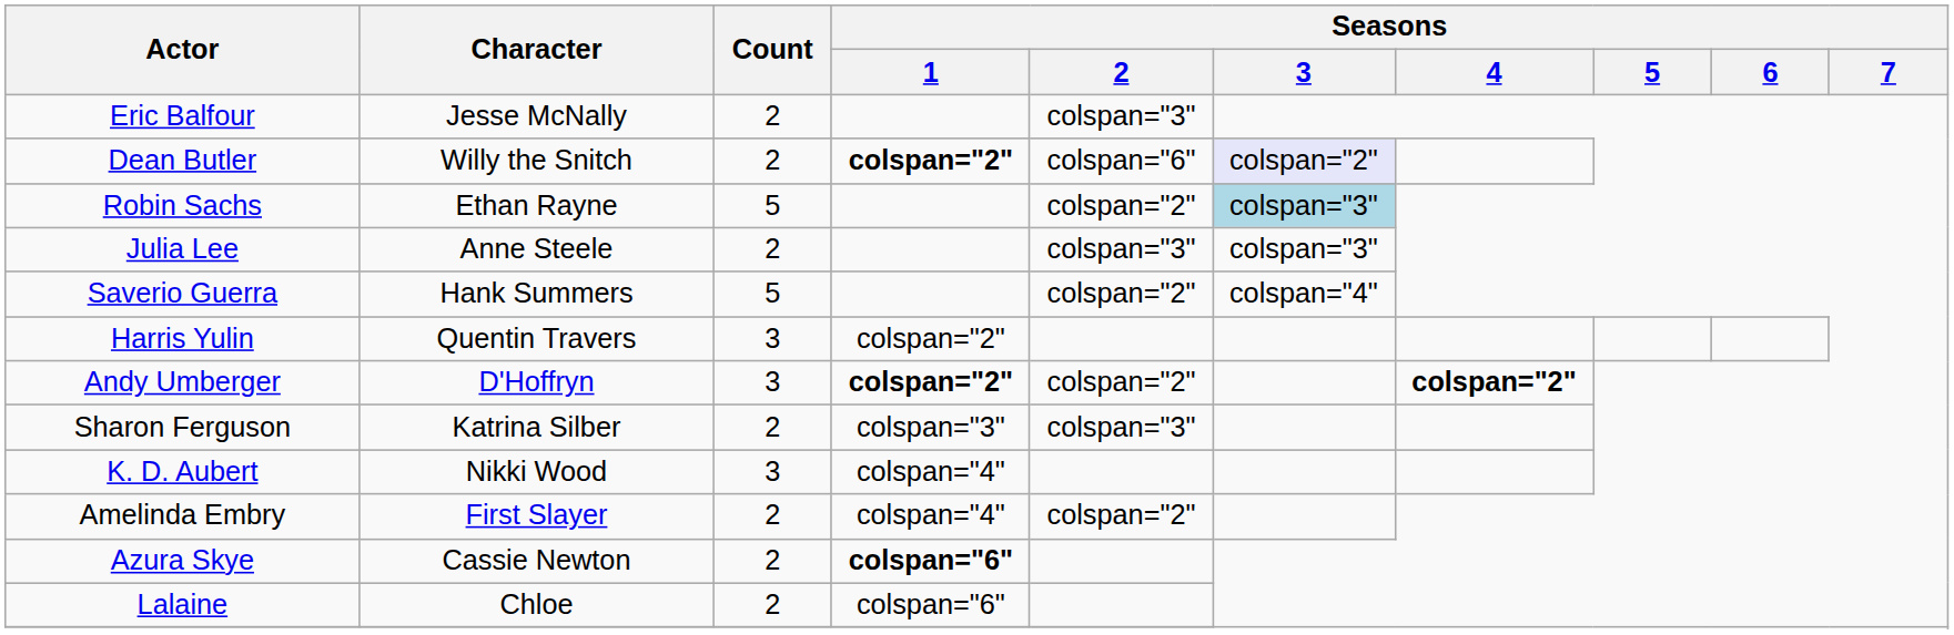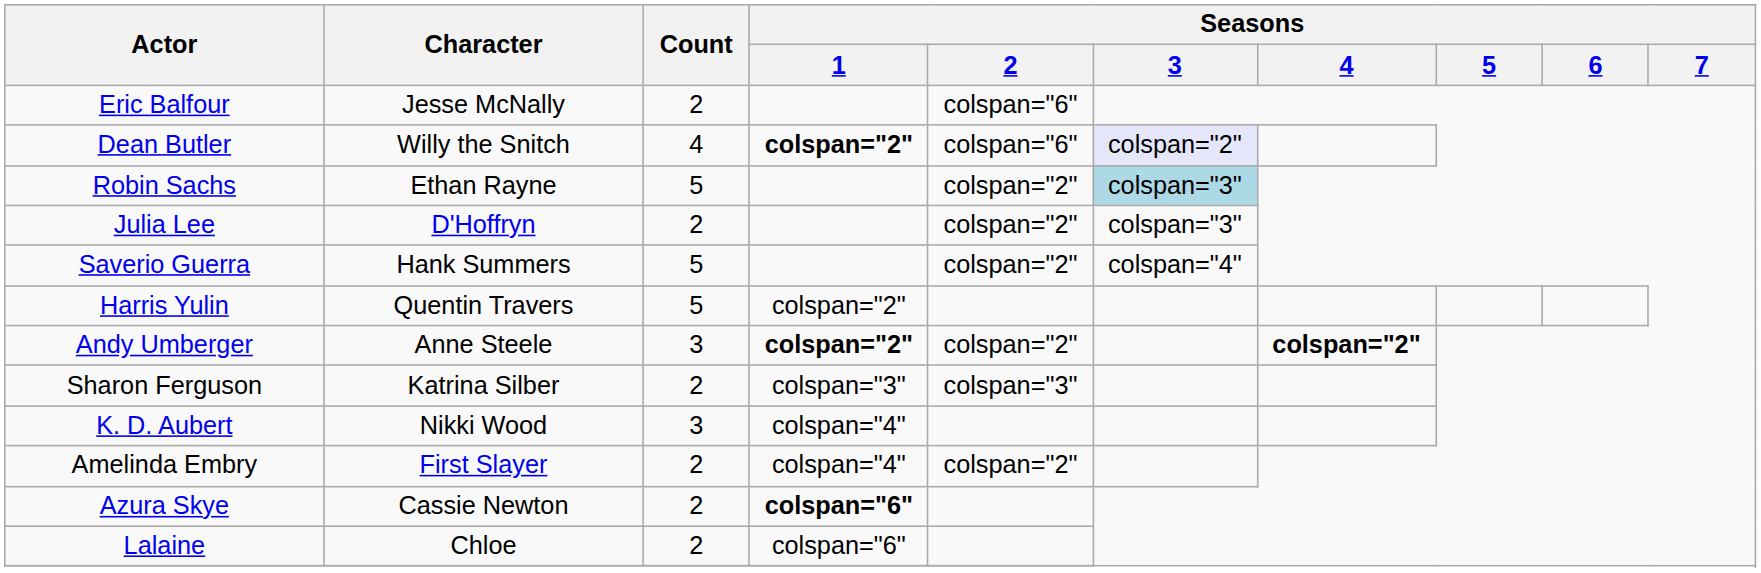 <table class="wikitable sortable" width="70%" style="text-align:center">
 <tr>
 <th scope="col" rowspan="2" style="width:15%;">Actor</th>
 <th scope="col" rowspan="2" style="width:15%;">Character</th>
 <th scope="col" rowspan="2" style="width:5%;">Count</th>
 <th scope="col" colspan="7">Seasons</th>
 </tr>
 <tr>
 <th style="width:5%;"><a href='#'>1</a></th>
 <th style="width:5%;"><a href='#'>2</a></th>
 <th style="width:5%;"><a href='#'>3</a></th>
 <th style="width:5%;"><a href='#'>4</a></th>
 <th style="width:5%;"><a href='#'>5</a></th>
 <th style="width:5%;"><a href='#'>6</a></th>
 <th style="width:5%;"><a href='#'>7</a></th>
 </tr>
 <tr>
 <td><a href='#'>Eric Balfour</a></td>
 <td>Jesse McNally</td>
 <td>2</td>
 <td></td>
-<td>colspan="3" </td>
+<td>colspan="6" </td>
 </tr>
 <tr>
 <td><a href='#'>Dean Butler</a></td>
 <td>Willy the Snitch</td>
-<td>2</td>
+<td>4</td>
 <td><strong>colspan="2" </strong></td>
 <td>colspan="6" </td>
 <td style="background: lavender;">colspan="2" </td>
 <td></td>
 </tr>
 <tr>
 <td><a href='#'>Robin Sachs</a></td>
 <td>Ethan Rayne</td>
 <td>5</td>
 <td></td>
 <td>colspan="2" </td>
 <td style="background: lightblue;">colspan="3" </td>
 </tr>
 <tr>
 <td><a href='#'>Julia Lee</a></td>
-<td>Anne Steele</td>
+<td><a href='#'>D'Hoffryn</a></td>
 <td>2</td>
 <td></td>
-<td>colspan="3" </td>
+<td>colspan="2" </td>
 <td>colspan="3" </td>
 </tr>
 <tr>
 <td><a href='#'>Saverio Guerra</a></td>
 <td>Hank Summers</td>
 <td>5</td>
 <td></td>
 <td>colspan="2" </td>
 <td>colspan="4" </td>
 </tr>
 <tr>
 <td><a href='#'>Harris Yulin</a></td>
 <td>Quentin Travers</td>
-<td>3</td>
+<td>5</td>
 <td>colspan="2" </td>
 <td></td>
 <td></td>
 <td></td>
 <td></td>
 <td></td>
 </tr>
 <tr>
 <td><a href='#'>Andy Umberger</a></td>
-<td><a href='#'>D'Hoffryn</a></td>
+<td>Anne Steele</td>
 <td>3</td>
 <td><strong>colspan="2" </strong></td>
 <td>colspan="2" </td>
 <td></td>
 <td><strong>colspan="2" </strong></td>
 </tr>
 <tr>
 <td>Sharon Ferguson</td>
 <td>Katrina Silber</td>
 <td>2</td>
 <td>colspan="3" </td>
 <td>colspan="3" </td>
 <td></td>
 <td></td>
 </tr>
 <tr>
 <td><a href='#'>K. D. Aubert</a></td>
 <td>Nikki Wood</td>
 <td>3</td>
 <td>colspan="4" </td>
 <td></td>
 <td></td>
 <td></td>
 </tr>
 <tr>
 <td>Amelinda Embry</td>
 <td><a href='#'>First Slayer</a></td>
 <td>2</td>
 <td>colspan="4" </td>
 <td>colspan="2" </td>
 <td></td>
 </tr>
 <tr>
 <td><a href='#'>Azura Skye</a></td>
 <td>Cassie Newton</td>
 <td>2</td>
 <td><strong>colspan="6" </strong></td>
 <td></td>
 </tr>
 <tr>
 <td><a href='#'>Lalaine</a></td>
 <td>Chloe</td>
 <td>2</td>
 <td>colspan="6" </td>
 <td></td>
 </tr>
 <tr>
 </tr>
 </table>
